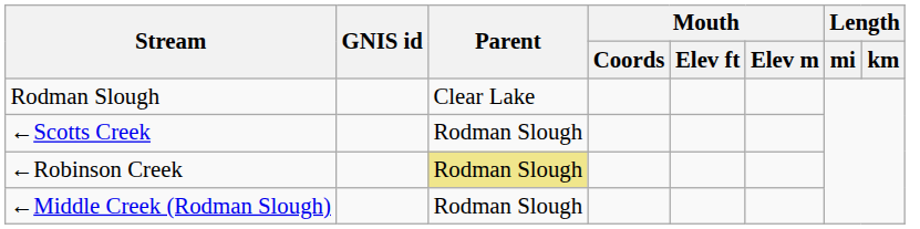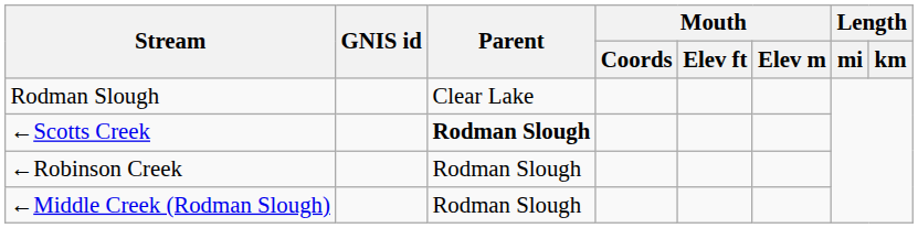 <table class="wikitable sortable">
 <tr>
 <th rowspan=2>Stream</th>
 <th rowspan=2>GNIS id</th>
 <th rowspan=2>Parent</th>
 <th colspan=3>Mouth</th>
 <th colspan=2>Length</th>
 </tr>
 <tr>
 <th>Coords</th>
 <th>Elev ft</th>
 <th>Elev m</th>
 <th>mi</th>
 <th>km</th>
 </tr>
 <tr>
 <td>Rodman Slough</td>
 <td></td>
 <td>Clear Lake</td>
 <td></td>
 <td></td>
 <td></td>
 </tr>
 <tr>
 <td> ←<a href='#'>Scotts Creek</a></td>
 <td></td>
-<td>Rodman Slough</td>
+<td><strong>Rodman Slough</strong></td>
 <td></td>
 <td></td>
 <td></td>
 </tr>
 <tr>
 <td> ←Robinson Creek</td>
 <td></td>
-<td style="background: khaki;">Rodman Slough</td>
+<td>Rodman Slough</td>
 <td></td>
 <td></td>
 <td></td>
 </tr>
 <tr>
 <td> ←<a href='#'>Middle Creek (Rodman Slough)</a></td>
 <td></td>
 <td>Rodman Slough</td>
 <td></td>
 <td></td>
 <td></td>
 </tr>
 </table>
